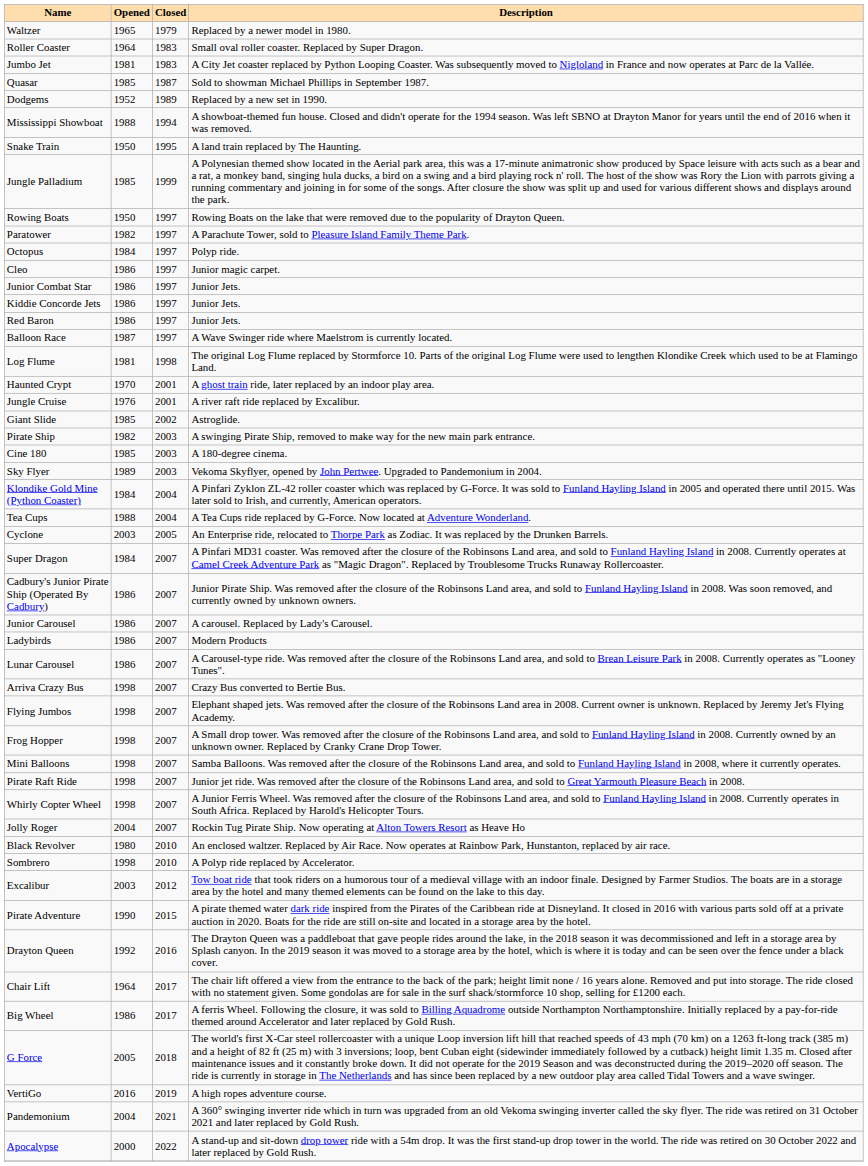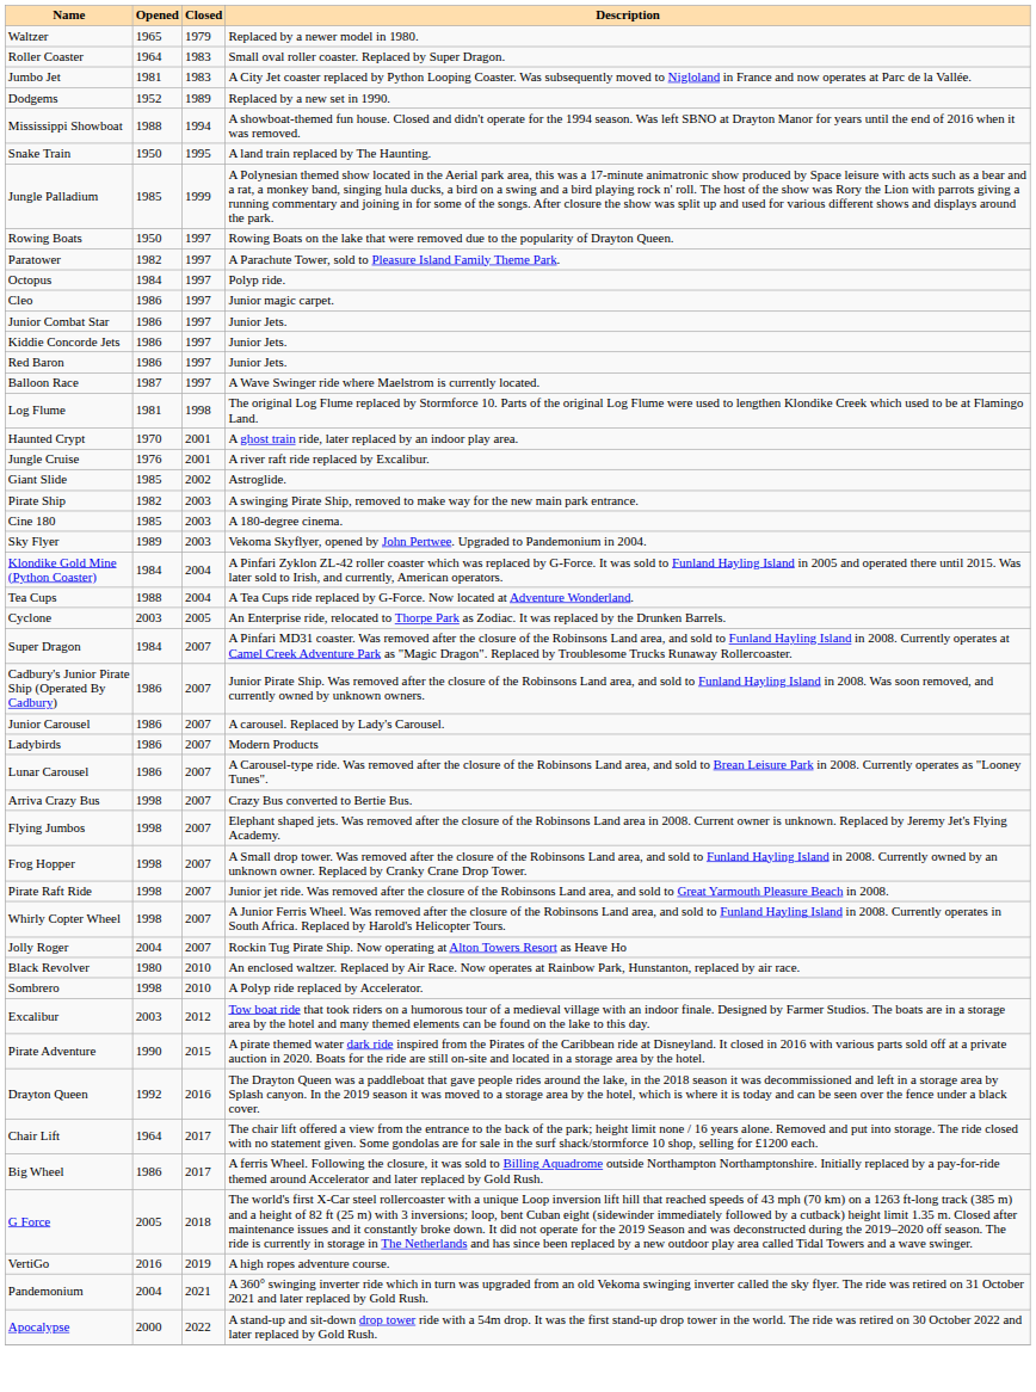 <table class="wikitable sortable" style="width: 100%; font sizes: 95%;">
 <tr>
 <th style="background-color: #FFDEAD; width 15em;">Name</th>
 <th style="background-color: #FFDEAD; width 4em;">Opened</th>
 <th style="background-color: #FFDEAD; width 4em;">Closed</th>
 <th style="background-color: #FFDEAD;">Description</th>
 </tr>
 <tr>
 <td>Waltzer</td>
 <td>1965</td>
 <td>1979</td>
 <td>Replaced by a newer model in 1980.</td>
 </tr>
 <tr>
 <td>Roller Coaster</td>
 <td>1964</td>
 <td>1983</td>
 <td>Small oval roller coaster. Replaced by Super Dragon.</td>
 </tr>
 <tr>
 <td>Jumbo Jet</td>
 <td>1981</td>
 <td>1983</td>
 <td>A City Jet coaster replaced by Python Looping Coaster. Was subsequently moved to <a href='#'>Nigloland</a> in France and now operates at Parc de la Vallée.</td>
-</tr>
-<tr>
-<td>Quasar</td>
-<td>1985</td>
-<td>1987</td>
-<td>Sold to showman Michael Phillips in September 1987.</td>
 </tr>
 <tr>
 <td>Dodgems</td>
 <td>1952</td>
 <td>1989</td>
 <td>Replaced by a new set in 1990.</td>
 </tr>
 <tr>
 <td>Mississippi Showboat</td>
 <td>1988</td>
 <td>1994</td>
 <td>A showboat-themed fun house. Closed and didn't operate for the 1994 season. Was left SBNO at Drayton Manor for years until the end of 2016 when it was removed.</td>
 </tr>
 <tr>
 <td>Snake Train</td>
 <td>1950</td>
 <td>1995</td>
 <td>A land train replaced by The Haunting.</td>
 </tr>
 <tr>
 <td>Jungle Palladium</td>
 <td>1985</td>
 <td>1999</td>
 <td>A Polynesian themed show located in the Aerial park area, this was a 17-minute animatronic show produced by Space leisure with acts such as a bear and a rat, a monkey band, singing hula ducks, a bird on a swing and a bird playing rock n' roll. The host of the show was Rory the Lion with parrots giving a running commentary and joining in for some of the songs. After closure the show was split up and used for various different shows and displays around the park.</td>
 </tr>
 <tr>
 <td>Rowing Boats</td>
 <td>1950</td>
 <td>1997</td>
 <td>Rowing Boats on the lake that were removed due to the popularity of Drayton Queen.</td>
 </tr>
 <tr>
 <td>Paratower</td>
 <td>1982</td>
 <td>1997</td>
 <td>A Parachute Tower, sold to <a href='#'>Pleasure Island Family Theme Park</a>.</td>
 </tr>
 <tr>
 <td>Octopus</td>
 <td>1984</td>
 <td>1997</td>
 <td>Polyp ride.</td>
 </tr>
 <tr>
 <td>Cleo</td>
 <td>1986</td>
 <td>1997</td>
 <td>Junior magic carpet.</td>
 </tr>
 <tr>
 <td>Junior Combat Star</td>
 <td>1986</td>
 <td>1997</td>
 <td>Junior Jets.</td>
 </tr>
 <tr>
 <td>Kiddie Concorde Jets</td>
 <td>1986</td>
 <td>1997</td>
 <td>Junior Jets.</td>
 </tr>
 <tr>
 <td>Red Baron</td>
 <td>1986</td>
 <td>1997</td>
 <td>Junior Jets.</td>
 </tr>
 <tr>
 <td>Balloon Race</td>
 <td>1987</td>
 <td>1997</td>
 <td>A Wave Swinger ride where Maelstrom is currently located.</td>
 </tr>
 <tr>
 <td>Log Flume</td>
 <td>1981</td>
 <td>1998</td>
 <td>The original Log Flume replaced by Stormforce 10. Parts of the original Log Flume were used to lengthen Klondike Creek which used to be at Flamingo Land.</td>
 </tr>
 <tr>
 <td>Haunted Crypt</td>
 <td>1970</td>
 <td>2001</td>
 <td>A <a href='#'>ghost train</a> ride, later replaced by an indoor play area.</td>
 </tr>
 <tr>
 <td>Jungle Cruise</td>
 <td>1976</td>
 <td>2001</td>
 <td>A river raft ride replaced by Excalibur.</td>
 </tr>
 <tr>
 <td>Giant Slide</td>
 <td>1985</td>
 <td>2002</td>
 <td>Astroglide.</td>
 </tr>
 <tr>
 <td>Pirate Ship</td>
 <td>1982</td>
 <td>2003</td>
 <td>A swinging Pirate Ship, removed to make way for the new main park entrance.</td>
 </tr>
 <tr>
 <td>Cine 180</td>
 <td>1985</td>
 <td>2003</td>
 <td>A 180-degree cinema.</td>
 </tr>
 <tr>
 <td>Sky Flyer</td>
 <td>1989</td>
 <td>2003</td>
 <td>Vekoma Skyflyer, opened by <a href='#'>John Pertwee</a>. Upgraded to Pandemonium in 2004.</td>
 </tr>
 <tr>
 <td><a href='#'>Klondike Gold Mine (Python Coaster)</a></td>
 <td>1984</td>
 <td>2004</td>
 <td>A Pinfari Zyklon ZL-42 roller coaster which was replaced by G-Force. It was sold to <a href='#'>Funland Hayling Island</a> in 2005 and operated there until 2015. Was later sold to Irish, and currently, American operators.</td>
 </tr>
 <tr>
 <td>Tea Cups</td>
 <td>1988</td>
 <td>2004</td>
 <td>A Tea Cups ride replaced by G-Force. Now located at <a href='#'>Adventure Wonderland</a>.</td>
 </tr>
 <tr>
 <td>Cyclone</td>
 <td>2003</td>
 <td>2005</td>
 <td>An Enterprise ride, relocated to <a href='#'>Thorpe Park</a> as Zodiac. It was replaced by the Drunken Barrels.</td>
 </tr>
 <tr>
 <td>Super Dragon</td>
 <td>1984</td>
 <td>2007</td>
 <td>A Pinfari MD31 coaster. Was removed after the closure of the Robinsons Land area, and sold to <a href='#'>Funland Hayling Island</a> in 2008. Currently operates at <a href='#'>Camel Creek Adventure Park</a> as "Magic Dragon". Replaced by Troublesome Trucks Runaway Rollercoaster.</td>
 </tr>
 <tr>
 <td>Cadbury's Junior Pirate Ship (Operated By <a href='#'>Cadbury</a>)</td>
 <td>1986</td>
 <td>2007</td>
 <td>Junior Pirate Ship. Was removed after the closure of the Robinsons Land area, and sold to <a href='#'>Funland Hayling Island</a> in 2008. Was soon removed, and currently owned by unknown owners.</td>
 </tr>
 <tr>
 <td>Junior Carousel</td>
 <td>1986</td>
 <td>2007</td>
 <td>A carousel. Replaced by Lady's Carousel.</td>
 </tr>
 <tr>
 <td>Ladybirds</td>
 <td>1986</td>
 <td>2007</td>
 <td>Modern Products</td>
 </tr>
 <tr>
 <td>Lunar Carousel</td>
 <td>1986</td>
 <td>2007</td>
 <td>A Carousel-type ride. Was removed after the closure of the Robinsons Land area, and sold to <a href='#'>Brean Leisure Park</a> in 2008. Currently operates as "Looney Tunes".</td>
 </tr>
 <tr>
 <td>Arriva Crazy Bus</td>
 <td>1998</td>
 <td>2007</td>
 <td>Crazy Bus converted to Bertie Bus.</td>
 </tr>
 <tr>
 <td>Flying Jumbos</td>
 <td>1998</td>
 <td>2007</td>
 <td>Elephant shaped jets. Was removed after the closure of the Robinsons Land area in 2008. Current owner is unknown. Replaced by Jeremy Jet's Flying Academy.</td>
 </tr>
 <tr>
 <td>Frog Hopper</td>
 <td>1998</td>
 <td>2007</td>
 <td>A Small drop tower. Was removed after the closure of the Robinsons Land area, and sold to <a href='#'>Funland Hayling Island</a> in 2008. Currently owned by an unknown owner. Replaced by Cranky Crane Drop Tower.</td>
 </tr>
 <tr>
-<td>Mini Balloons</td>
-<td>1998</td>
-<td>2007</td>
-<td>Samba Balloons. Was removed after the closure of the Robinsons Land area, and sold to <a href='#'>Funland Hayling Island</a> in 2008, where it currently operates.</td>
-</tr>
-<tr>
 <td>Pirate Raft Ride</td>
 <td>1998</td>
 <td>2007</td>
 <td>Junior jet ride. Was removed after the closure of the Robinsons Land area, and sold to <a href='#'>Great Yarmouth Pleasure Beach</a> in 2008.</td>
 </tr>
 <tr>
 <td>Whirly Copter Wheel</td>
 <td>1998</td>
 <td>2007</td>
 <td>A Junior Ferris Wheel. Was removed after the closure of the Robinsons Land area, and sold to <a href='#'>Funland Hayling Island</a> in 2008. Currently operates in South Africa. Replaced by Harold's Helicopter Tours.</td>
 </tr>
 <tr>
 <td>Jolly Roger</td>
 <td>2004</td>
 <td>2007</td>
 <td>Rockin Tug Pirate Ship. Now operating at <a href='#'>Alton Towers Resort</a> as Heave Ho</td>
 </tr>
 <tr>
 <td>Black Revolver</td>
 <td>1980</td>
 <td>2010</td>
 <td>An enclosed waltzer. Replaced by Air Race. Now operates at Rainbow Park, Hunstanton, replaced by air race.</td>
 </tr>
 <tr>
 <td>Sombrero</td>
 <td>1998</td>
 <td>2010</td>
 <td>A Polyp ride replaced by Accelerator.</td>
 </tr>
 <tr>
 <td>Excalibur</td>
 <td>2003</td>
 <td>2012</td>
 <td><a href='#'>Tow boat ride</a> that took riders on a humorous tour of a medieval village with an indoor finale. Designed by Farmer Studios. The boats are in a storage area by the hotel and many themed elements can be found on the lake to this day.</td>
 </tr>
 <tr>
 <td>Pirate Adventure</td>
 <td>1990</td>
 <td>2015</td>
 <td>A pirate themed water <a href='#'>dark ride</a> inspired from the Pirates of the Caribbean ride at Disneyland. It closed in 2016 with various parts sold off at a private auction in 2020. Boats for the ride are still on-site and located in a storage area by the hotel.</td>
 </tr>
 <tr>
 <td>Drayton Queen</td>
 <td>1992</td>
 <td>2016</td>
 <td>The Drayton Queen was a paddleboat that gave people rides around the lake, in the 2018 season it was decommissioned and left in a storage area by Splash canyon. In the 2019 season it was moved to a storage area by the hotel, which is where it is today and can be seen over the fence under a black cover.</td>
 </tr>
 <tr>
 <td>Chair Lift</td>
 <td>1964</td>
 <td>2017</td>
 <td>The chair lift offered a view from the entrance to the back of the park; height limit none / 16 years alone. Removed and put into storage. The ride closed with no statement given. Some gondolas are for sale in the surf shack/stormforce 10 shop, selling for £1200 each.</td>
 </tr>
 <tr>
 <td>Big Wheel</td>
 <td>1986</td>
 <td>2017</td>
 <td>A ferris Wheel. Following the closure, it was sold to <a href='#'>Billing Aquadrome</a> outside Northampton Northamptonshire. Initially replaced by a pay-for-ride themed around Accelerator and later replaced by Gold Rush.</td>
 </tr>
 <tr>
 <td><a href='#'>G Force</a></td>
 <td>2005</td>
 <td>2018</td>
 <td>The world's first X-Car steel rollercoaster with a unique Loop inversion lift hill that reached speeds of 43 mph (70 km) on a 1263 ft-long track (385 m) and a height of 82 ft (25 m) with 3 inversions; loop, bent Cuban eight (sidewinder immediately followed by a cutback) height limit 1.35 m. Closed after maintenance issues and it constantly broke down. It did not operate for the 2019 Season and was deconstructed during the 2019–2020 off season. The ride is currently in storage in <a href='#'>The Netherlands</a> and has since been replaced by a new outdoor play area called Tidal Towers and a wave swinger.</td>
 </tr>
 <tr>
 <td>VertiGo</td>
 <td>2016</td>
 <td>2019</td>
 <td>A high ropes adventure course.</td>
 </tr>
 <tr>
 <td>Pandemonium</td>
 <td>2004</td>
 <td>2021</td>
 <td>A 360° swinging inverter ride which in turn was upgraded from an old Vekoma swinging inverter called the sky flyer. The ride was retired on 31 October 2021 and later replaced by Gold Rush.</td>
 </tr>
 <tr>
 <td><a href='#'>Apocalypse</a></td>
 <td>2000</td>
 <td>2022</td>
 <td>A stand-up and sit-down <a href='#'>drop tower</a> ride with a 54m drop. It was the first stand-up drop tower in the world. The ride was retired on 30 October 2022 and later replaced by Gold Rush.</td>
 </tr>
 <tr>
 </tr>
 </table>
